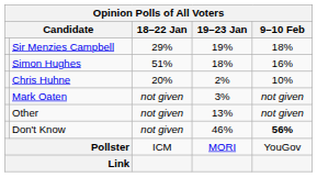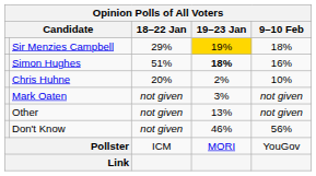 <table class=wikitable style="font-size:95%;">
 <tr>
 <th colspan="5">Opinion Polls of All Voters</th>
 </tr>
 <tr>
 <th colspan="2" style="width: 170px">Candidate</th>
 <th style="width: 80px">18–22 Jan</th>
 <th style="width: 80px">19–23 Jan</th>
 <th style="width: 80px">9–10 Feb</th>
 </tr>
 <tr>
 <th style="background-color: "></th>
 <td style="width: 170px"><a href='#'>Sir Menzies Campbell</a></td>
 <td style="text-align:center;">29%</td>
-<td style="text-align:center;">19%</td>
+<td style="background: gold; text-align:center;">19%</td>
 <td style="text-align:center;">18%</td>
 </tr>
 <tr>
 <th style="background-color: "></th>
 <td style="width: 170px"><a href='#'>Simon Hughes</a></td>
 <td style="text-align:center;">51%</td>
-<td style="text-align:center;">18%</td>
+<td style="text-align:center;"><strong>18%</strong></td>
 <td style="text-align:center;">16%</td>
 </tr>
 <tr>
 <th style="background-color: "></th>
 <td style="width: 170px"><a href='#'>Chris Huhne</a></td>
 <td style="text-align:center;">20%</td>
 <td style="text-align:center;">2%</td>
 <td style="text-align:center;">10%</td>
 </tr>
 <tr>
 <th style="background-color: "></th>
 <td style="width: 170px"><a href='#'>Mark Oaten</a></td>
 <td style="text-align:center;"><em>not given</em></td>
 <td style="text-align:center;">3%</td>
 <td style="text-align:center;"><em>not given</em></td>
 </tr>
 <tr>
 <th style="background-color: "></th>
 <td style="width: 170px">Other</td>
 <td style="text-align:center;"><em>not given</em></td>
 <td style="text-align:center;">13%</td>
 <td style="text-align:center;"><em>not given</em></td>
 </tr>
 <tr>
 <th style="background-color: "></th>
 <td style="width: 170px">Don't Know</td>
 <td style="text-align:center;"><em>not given</em></td>
 <td style="text-align:center;">46%</td>
-<td style="text-align:center;"><strong>56%</strong></td>
+<td style="text-align:center;">56%</td>
 </tr>
 <tr>
 <th colspan="2" style="text-align:right;">Pollster</th>
 <td style="text-align:center;">ICM</td>
 <td style="text-align:center;"><a href='#'>MORI</a></td>
 <td style="text-align:center;">YouGov</td>
 </tr>
 <tr style="background:#f6f6f6;">
 <th colspan="2" style="text-align:right;">Link</th>
 <td style="text-align:center;"></td>
 <td style="text-align:center;"></td>
 <td style="text-align:center;"></td>
 </tr>
 </table>
